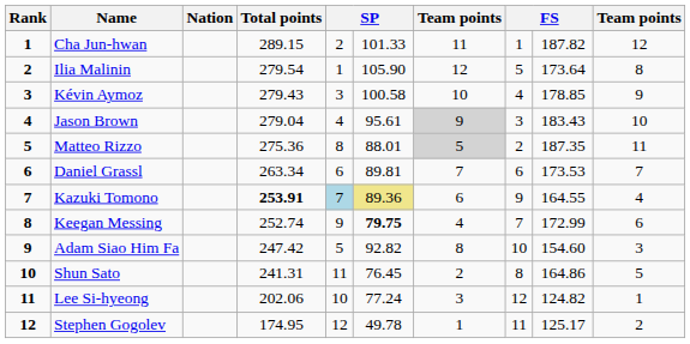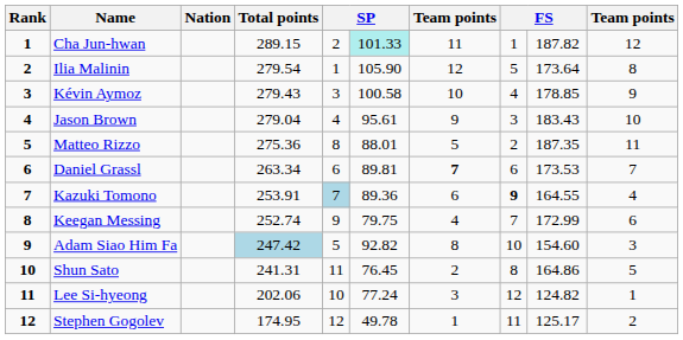 <table class="wikitable sortable">
 <tr>
 <th>Rank</th>
 <th>Name</th>
 <th>Nation</th>
 <th>Total points</th>
 <th colspan="2" width="80px"><a href='#'>SP</a></th>
 <th>Team points</th>
 <th colspan="2" width="80px"><a href='#'>FS</a></th>
 <th>Team points</th>
 </tr>
 <tr>
 <td style="text-align: center;"><strong>1</strong></td>
 <td><a href='#'>Cha Jun-hwan</a></td>
 <td></td>
 <td style="text-align: center;">289.15</td>
 <td style="text-align: center;">2</td>
-<td style="text-align: center;">101.33</td>
+<td style="background: paleturquoise; text-align: center;">101.33</td>
 <td style="text-align: center;">11</td>
 <td style="text-align: center;">1</td>
 <td style="text-align: center;">187.82</td>
 <td style="text-align: center;">12</td>
 </tr>
 <tr>
 <td style="text-align: center;"><strong>2</strong></td>
 <td><a href='#'>Ilia Malinin</a></td>
 <td></td>
 <td style="text-align: center;">279.54</td>
 <td style="text-align: center;">1</td>
 <td style="text-align: center;">105.90</td>
 <td style="text-align: center;">12</td>
 <td style="text-align: center;">5</td>
 <td style="text-align: center;">173.64</td>
 <td style="text-align: center;">8</td>
 </tr>
 <tr>
 <td style="text-align: center;"><strong>3</strong></td>
 <td><a href='#'>Kévin Aymoz</a></td>
 <td></td>
 <td style="text-align: center;">279.43</td>
 <td style="text-align: center;">3</td>
 <td style="text-align: center;">100.58</td>
 <td style="text-align: center;">10</td>
 <td style="text-align: center;">4</td>
 <td style="text-align: center;">178.85</td>
 <td style="text-align: center;">9</td>
 </tr>
 <tr>
 <td style="text-align: center;"><strong>4</strong></td>
 <td><a href='#'>Jason Brown</a></td>
 <td></td>
 <td style="text-align: center;">279.04</td>
 <td style="text-align: center;">4</td>
 <td style="text-align: center;">95.61</td>
-<td style="background: lightgrey; text-align: center;">9</td>
+<td style="text-align: center;">9</td>
 <td style="text-align: center;">3</td>
 <td style="text-align: center;">183.43</td>
 <td style="text-align: center;">10</td>
 </tr>
 <tr>
 <td style="text-align: center;"><strong>5</strong></td>
 <td><a href='#'>Matteo Rizzo</a></td>
 <td></td>
 <td style="text-align: center;">275.36</td>
 <td style="text-align: center;">8</td>
 <td style="text-align: center;">88.01</td>
-<td style="background: lightgrey; text-align: center;">5</td>
+<td style="text-align: center;">5</td>
 <td style="text-align: center;">2</td>
 <td style="text-align: center;">187.35</td>
 <td style="text-align: center;">11</td>
 </tr>
 <tr>
 <td style="text-align: center;"><strong>6</strong></td>
 <td><a href='#'>Daniel Grassl</a></td>
 <td></td>
 <td style="text-align: center;">263.34</td>
 <td style="text-align: center;">6</td>
 <td style="text-align: center;">89.81</td>
-<td style="text-align: center;">7</td>
+<td style="text-align: center;"><strong>7</strong></td>
 <td style="text-align: center;">6</td>
 <td style="text-align: center;">173.53</td>
 <td style="text-align: center;">7</td>
 </tr>
 <tr>
 <td style="text-align: center;"><strong>7</strong></td>
 <td><a href='#'>Kazuki Tomono</a></td>
 <td></td>
-<td style="text-align: center;"><strong>253.91</strong></td>
+<td style="text-align: center;">253.91</td>
 <td style="background: lightblue; text-align: center;">7</td>
-<td style="background: khaki; text-align: center;">89.36</td>
+<td style="text-align: center;">89.36</td>
 <td style="text-align: center;">6</td>
-<td style="text-align: center;">9</td>
+<td style="text-align: center;"><strong>9</strong></td>
 <td style="text-align: center;">164.55</td>
 <td style="text-align: center;">4</td>
 </tr>
 <tr>
 <td style="text-align: center;"><strong>8</strong></td>
 <td><a href='#'>Keegan Messing</a></td>
 <td></td>
 <td style="text-align: center;">252.74</td>
 <td style="text-align: center;">9</td>
-<td style="text-align: center;"><strong>79.75</strong></td>
+<td style="text-align: center;">79.75</td>
 <td style="text-align: center;">4</td>
 <td style="text-align: center;">7</td>
 <td style="text-align: center;">172.99</td>
 <td style="text-align: center;">6</td>
 </tr>
 <tr>
 <td style="text-align: center;"><strong>9</strong></td>
 <td><a href='#'>Adam Siao Him Fa</a></td>
 <td></td>
-<td style="text-align: center;">247.42</td>
+<td style="background: lightblue; text-align: center;">247.42</td>
 <td style="text-align: center;">5</td>
 <td style="text-align: center;">92.82</td>
 <td style="text-align: center;">8</td>
 <td style="text-align: center;">10</td>
 <td style="text-align: center;">154.60</td>
 <td style="text-align: center;">3</td>
 </tr>
 <tr>
 <td style="text-align: center;"><strong>10</strong></td>
 <td><a href='#'>Shun Sato</a></td>
 <td></td>
 <td style="text-align: center;">241.31</td>
 <td style="text-align: center;">11</td>
 <td style="text-align: center;">76.45</td>
 <td style="text-align: center;">2</td>
 <td style="text-align: center;">8</td>
 <td style="text-align: center;">164.86</td>
 <td style="text-align: center;">5</td>
 </tr>
 <tr>
 <td style="text-align: center;"><strong>11</strong></td>
 <td><a href='#'>Lee Si-hyeong</a></td>
 <td></td>
 <td style="text-align: center;">202.06</td>
 <td style="text-align: center;">10</td>
 <td style="text-align: center;">77.24</td>
 <td style="text-align: center;">3</td>
 <td style="text-align: center;">12</td>
 <td style="text-align: center;">124.82</td>
 <td style="text-align: center;">1</td>
 </tr>
 <tr>
 <td style="text-align: center;"><strong>12</strong></td>
 <td><a href='#'>Stephen Gogolev</a></td>
 <td></td>
 <td style="text-align: center;">174.95</td>
 <td style="text-align: center;">12</td>
 <td style="text-align: center;">49.78</td>
 <td style="text-align: center;">1</td>
 <td style="text-align: center;">11</td>
 <td style="text-align: center;">125.17</td>
 <td style="text-align: center;">2</td>
 </tr>
 </table>
